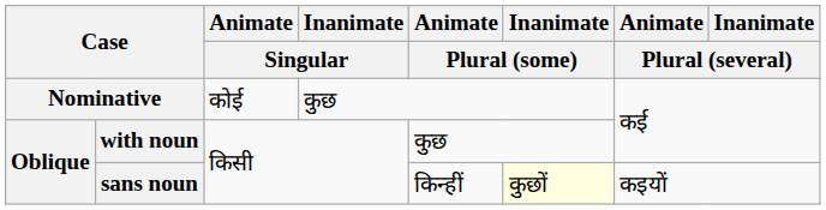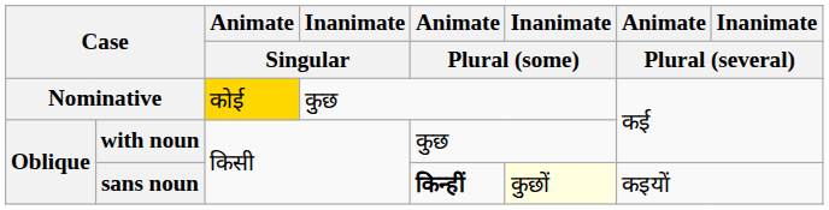 <table class="wikitable">
 <tr>
 <th colspan="2" rowspan="2">Case</th>
 <th>Animate</th>
 <th>Inanimate</th>
 <th>Animate</th>
 <th>Inanimate</th>
 <th>Animate</th>
 <th>Inanimate</th>
 </tr>
 <tr>
 <th colspan="2">Singular</th>
 <th colspan="2">Plural (some)</th>
 <th colspan="2">Plural (several)</th>
 </tr>
 <tr>
 <th colspan="2">Nominative</th>
-<td>कोई<br></td>
+<td style="background: gold;">कोई<br></td>
 <td colspan="3">कुछ<br></td>
 <td colspan="2" rowspan="2">कई<br></td>
 </tr>
 <tr>
 <th rowspan="2">Oblique</th>
 <th>with noun</th>
 <td colspan="2" rowspan="2">किसी<br></td>
 <td colspan="2">कुछ<br></td>
 </tr>
 <tr>
 <th>sans noun</th>
-<td>किन्हीं<br></td>
+<td><strong>किन्हीं<br></strong></td>
 <td style="background: lightyellow;">कुछों<br></td>
 <td colspan="2">कइयों<br></td>
 </tr>
 </table>
